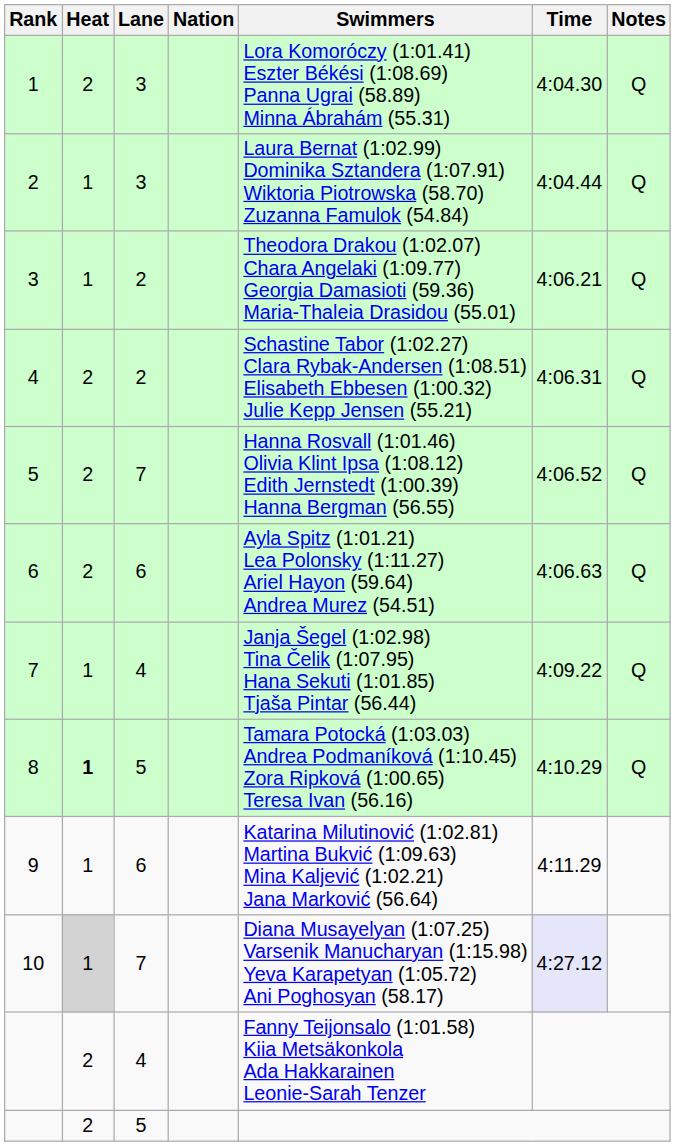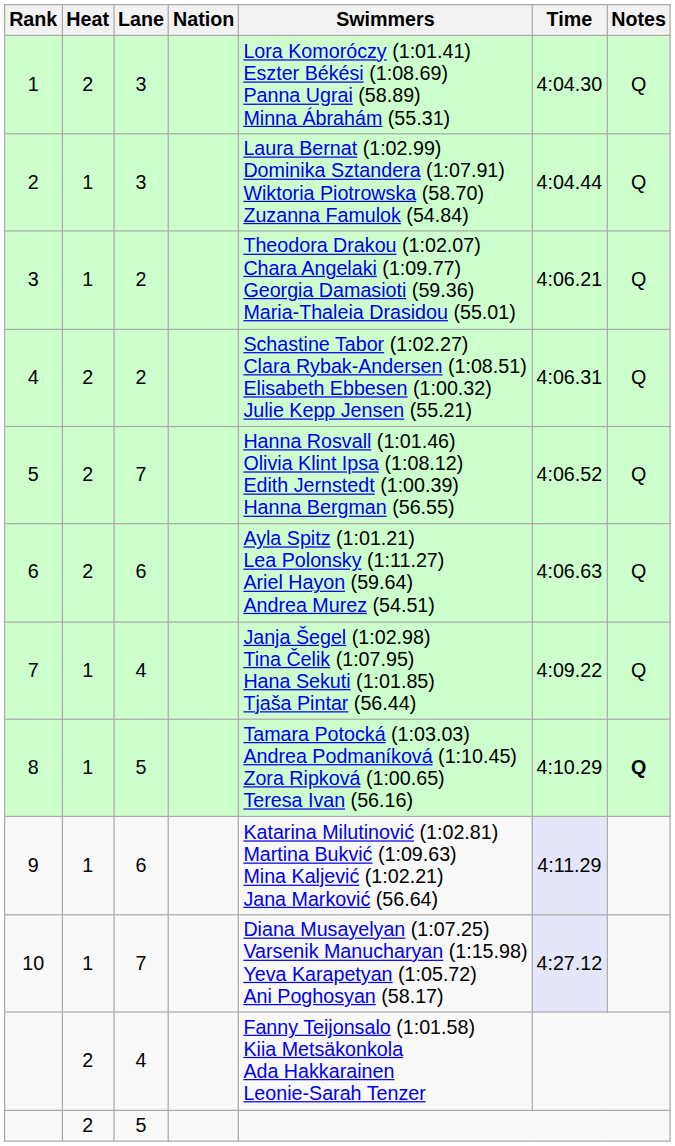 <table class="wikitable sortable" style="text-align:center">
 <tr>
 <th>Rank</th>
 <th>Heat</th>
 <th>Lane</th>
 <th>Nation</th>
 <th>Swimmers</th>
 <th>Time</th>
 <th>Notes</th>
 </tr>
 <tr bgcolor=ccffcc>
 <td>1</td>
 <td>2</td>
 <td>3</td>
 <td align=left></td>
 <td align=left><a href='#'>Lora Komoróczy</a> (1:01.41)<br><a href='#'>Eszter Békési</a> (1:08.69)<br><a href='#'>Panna Ugrai</a> (58.89)<br><a href='#'>Minna Ábrahám</a> (55.31)</td>
 <td>4:04.30</td>
 <td>Q</td>
 </tr>
 <tr bgcolor=ccffcc>
 <td>2</td>
 <td>1</td>
 <td>3</td>
 <td align=left></td>
 <td align=left><a href='#'>Laura Bernat</a> (1:02.99)<br><a href='#'>Dominika Sztandera</a> (1:07.91)<br><a href='#'>Wiktoria Piotrowska</a> (58.70)<br><a href='#'>Zuzanna Famulok</a> (54.84)</td>
 <td>4:04.44</td>
 <td>Q</td>
 </tr>
 <tr bgcolor=ccffcc>
 <td>3</td>
 <td>1</td>
 <td>2</td>
 <td align=left></td>
 <td align=left><a href='#'>Theodora Drakou</a> (1:02.07)<br><a href='#'>Chara Angelaki</a> (1:09.77)<br><a href='#'>Georgia Damasioti</a> (59.36)<br><a href='#'>Maria-Thaleia Drasidou</a> (55.01)</td>
 <td>4:06.21</td>
 <td>Q</td>
 </tr>
 <tr bgcolor=ccffcc>
 <td>4</td>
 <td>2</td>
 <td>2</td>
 <td align=left></td>
 <td align=left><a href='#'>Schastine Tabor</a> (1:02.27)<br><a href='#'>Clara Rybak-Andersen</a> (1:08.51)<br><a href='#'>Elisabeth Ebbesen</a> (1:00.32)<br><a href='#'>Julie Kepp Jensen</a> (55.21)</td>
 <td>4:06.31</td>
 <td>Q</td>
 </tr>
 <tr bgcolor=ccffcc>
 <td>5</td>
 <td>2</td>
 <td>7</td>
 <td align=left></td>
 <td align=left><a href='#'>Hanna Rosvall</a> (1:01.46)<br><a href='#'>Olivia Klint Ipsa</a> (1:08.12)<br><a href='#'>Edith Jernstedt</a> (1:00.39)<br><a href='#'>Hanna Bergman</a> (56.55)</td>
 <td>4:06.52</td>
 <td>Q</td>
 </tr>
 <tr bgcolor=ccffcc>
 <td>6</td>
 <td>2</td>
 <td>6</td>
 <td align=left></td>
 <td align=left><a href='#'>Ayla Spitz</a> (1:01.21)<br><a href='#'>Lea Polonsky</a> (1:11.27)<br><a href='#'>Ariel Hayon</a> (59.64)<br><a href='#'>Andrea Murez</a> (54.51)</td>
 <td>4:06.63</td>
 <td>Q</td>
 </tr>
 <tr bgcolor=ccffcc>
 <td>7</td>
 <td>1</td>
 <td>4</td>
 <td align=left></td>
 <td align=left><a href='#'>Janja Šegel</a> (1:02.98)<br><a href='#'>Tina Čelik</a> (1:07.95)<br><a href='#'>Hana Sekuti</a> (1:01.85)<br><a href='#'>Tjaša Pintar</a> (56.44)</td>
 <td>4:09.22</td>
 <td>Q</td>
 </tr>
 <tr bgcolor=ccffcc>
 <td>8</td>
-<td><strong>1</strong></td>
+<td>1</td>
 <td>5</td>
 <td align=left></td>
 <td align=left><a href='#'>Tamara Potocká</a> (1:03.03)<br><a href='#'>Andrea Podmaníková</a> (1:10.45)<br><a href='#'>Zora Ripková</a> (1:00.65)<br><a href='#'>Teresa Ivan</a> (56.16)</td>
 <td>4:10.29</td>
-<td>Q</td>
+<td><strong>Q</strong></td>
 </tr>
 <tr>
 <td>9</td>
 <td>1</td>
 <td>6</td>
 <td align=left></td>
 <td align=left><a href='#'>Katarina Milutinović</a> (1:02.81)<br><a href='#'>Martina Bukvić</a> (1:09.63)<br><a href='#'>Mina Kaljević</a> (1:02.21)<br><a href='#'>Jana Marković</a> (56.64)</td>
-<td>4:11.29</td>
+<td style="background: lavender;">4:11.29</td>
 <td></td>
 </tr>
 <tr>
 <td>10</td>
-<td style="background: lightgrey;">1</td>
+<td>1</td>
 <td>7</td>
 <td align=left></td>
 <td align=left><a href='#'>Diana Musayelyan</a> (1:07.25)<br><a href='#'>Varsenik Manucharyan</a> (1:15.98)<br><a href='#'>Yeva Karapetyan</a> (1:05.72)<br><a href='#'>Ani Poghosyan</a> (58.17)</td>
 <td style="background: lavender;">4:27.12</td>
 <td></td>
 </tr>
 <tr>
 <td></td>
 <td>2</td>
 <td>4</td>
 <td align=left></td>
 <td align=left><a href='#'>Fanny Teijonsalo</a> (1:01.58)<br><a href='#'>Kiia Metsäkonkola</a><br><a href='#'>Ada Hakkarainen</a><br><a href='#'>Leonie-Sarah Tenzer</a></td>
 <td colspan=2></td>
 </tr>
 <tr>
 <td></td>
 <td>2</td>
 <td>5</td>
 <td align=left></td>
 <td colspan=3></td>
 </tr>
 </table>
